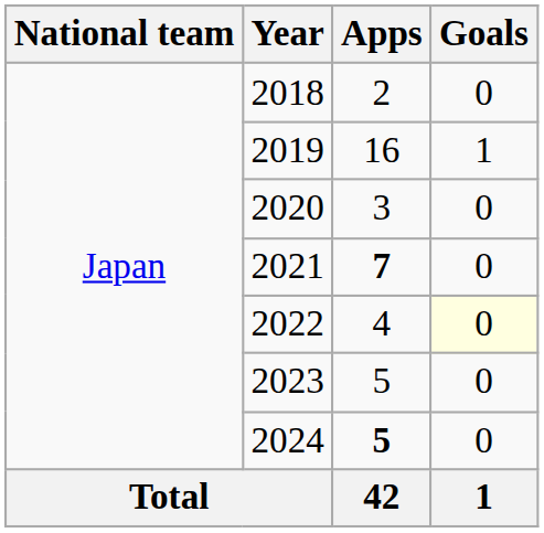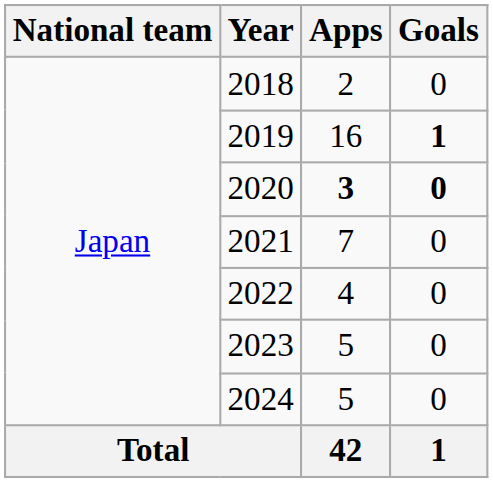 <table class="wikitable" style="text-align: center;">
 <tr>
 <th scope="col">National team</th>
 <th scope="col">Year</th>
 <th scope="col">Apps</th>
 <th scope="col">Goals</th>
 </tr>
 <tr>
 <td rowspan="7" scope="rowgroup"><a href='#'>Japan</a></td>
 <td scope="row">2018</td>
 <td>2</td>
 <td>0</td>
 </tr>
 <tr>
 <td scope="row">2019</td>
 <td>16</td>
-<td>1</td>
+<td><strong>1</strong></td>
 </tr>
 <tr>
 <td scope="row">2020</td>
-<td>3</td>
-<td>0</td>
+<td><strong>3</strong></td>
+<td><strong>0</strong></td>
 </tr>
 <tr>
 <td scope="row">2021</td>
-<td><strong>7</strong></td>
+<td>7</td>
 <td>0</td>
 </tr>
 <tr>
 <td scope="row">2022</td>
 <td>4</td>
-<td style="background: lightyellow;">0</td>
+<td>0</td>
 </tr>
 <tr>
 <td scope="row">2023</td>
 <td>5</td>
 <td>0</td>
 </tr>
 <tr>
 <td scope="row">2024</td>
-<td><strong>5</strong></td>
+<td>5</td>
 <td>0</td>
 </tr>
 <tr>
 <th scope="row" colspan="2">Total</th>
 <th>42</th>
 <th>1</th>
 </tr>
 </table>
